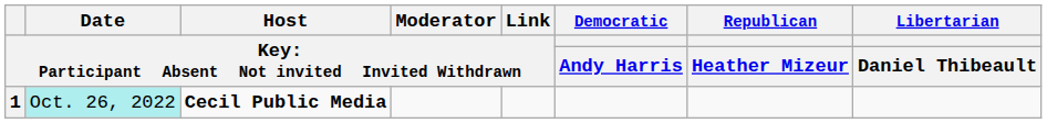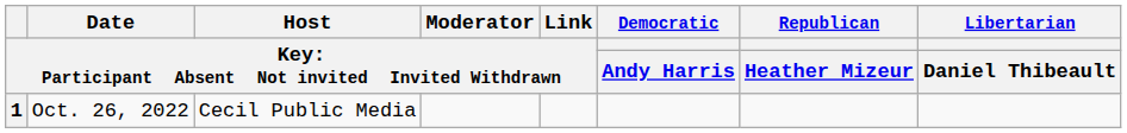 <table class="wikitable" style="text-align:center;">
 <tr>
 <th scope="col"></th>
 <th scope="col">Date</th>
 <th scope="col">Host</th>
 <th scope="col">Moderator</th>
 <th scope="col">Link</th>
 <th scope="col"><small><a href='#'>Democratic</a></small></th>
 <th scope="col"><small><a href='#'>Republican</a></small></th>
 <th scope="col"><small><a href='#'>Libertarian</a></small></th>
 </tr>
 <tr>
 <th colspan="5" rowspan="2">Key:<br> <small>Participant </small>  <small>Absent </small>  <small>Not invited </small>  <small>Invited  Withdrawn</small></th>
 <th scope="col" style="background:"></th>
 <th scope="col" style="background:"></th>
 <th scope="col" style="background:"></th>
 </tr>
 <tr>
 <th scope="col"><a href='#'>Andy Harris</a></th>
 <th scope="col"><a href='#'>Heather Mizeur</a></th>
 <th scope="col">Daniel Thibeault</th>
 </tr>
 <tr>
 <th>1</th>
-<td style="background: paleturquoise; white-space:nowrap;">Oct. 26, 2022</td>
-<td style="white-space:nowrap;"><strong>Cecil Public Media</strong></td>
+<td style="white-space:nowrap;">Oct. 26, 2022</td>
+<td style="white-space:nowrap;">Cecil Public Media</td>
 <td style="white-space:nowrap;"></td>
 <td style="white-space:nowrap;"></td>
 <td></td>
 <td></td>
 <td></td>
 </tr>
 </table>
